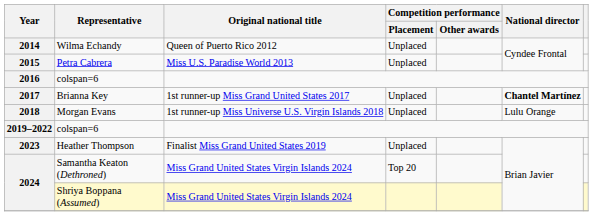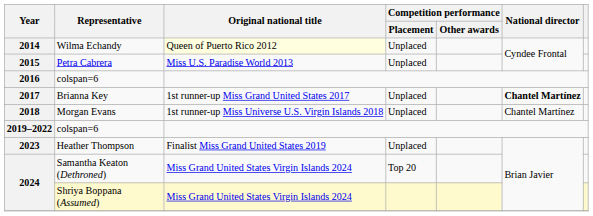 <table class="wikitable defaultcenter col2left col6left" style="font-size:90%;">
 <tr>
 <th rowspan=2>Year</th>
 <th width=150px rowspan=2>Representative</th>
 <th rowspan=2>Original national title</th>
 <th colspan=2>Competition performance</th>
 <th rowspan=2>National director</th>
 <th rowspan=2></th>
 </tr>
 <tr>
 <th>Placement</th>
 <th>Other awards</th>
 </tr>
 <tr>
 <th>2014</th>
 <td>Wilma Echandy</td>
-<td>Queen of Puerto Rico 2012</td>
+<td style="background: lightyellow;">Queen of Puerto Rico 2012</td>
 <td>Unplaced</td>
 <td></td>
 <td rowspan=2>Cyndee Frontal</td>
 <td></td>
 </tr>
 <tr>
 <th>2015</th>
 <td><a href='#'>Petra Cabrera</a></td>
 <td><a href='#'>Miss U.S. Paradise World 2013</a></td>
 <td>Unplaced</td>
 <td></td>
 <td></td>
 </tr>
 <tr>
 <th>2016</th>
 <td>colspan=6 </td>
 </tr>
 <tr>
 <th>2017</th>
 <td>Brianna Key</td>
 <td>1st runner-up <a href='#'>Miss Grand United States 2017</a></td>
 <td>Unplaced</td>
 <td></td>
 <td><strong>Chantel Martínez</strong></td>
 <td></td>
 </tr>
 <tr>
 <th>2018</th>
 <td>Morgan Evans</td>
 <td>1st runner-up <a href='#'>Miss Universe U.S. Virgin Islands 2018</a></td>
 <td>Unplaced</td>
 <td></td>
-<td>Lulu Orange</td>
+<td>Chantel Martínez</td>
 <td></td>
 </tr>
 <tr>
 <th>2019–2022</th>
 <td>colspan=6 </td>
 </tr>
 <tr>
 <th>2023</th>
 <td>Heather Thompson</td>
 <td>Finalist <a href='#'>Miss Grand United States 2019</a></td>
 <td>Unplaced</td>
 <td></td>
 <td rowspan="3">Brian Javier</td>
 <td></td>
 </tr>
 <tr>
 <th rowspan="2">2024</th>
 <td>Samantha Keaton (<em>Dethroned</em>)</td>
 <td><a href='#'>Miss Grand United States Virgin Islands 2024</a></td>
 <td>Top 20</td>
 <td></td>
 <td></td>
 </tr>
 <tr bgcolor=#FFFACD>
 <td>Shriya Boppana (<em>Assumed</em>)</td>
 <td><a href='#'>Miss Grand United States Virgin Islands 2024</a></td>
 <td></td>
 <td></td>
 <td></td>
 </tr>
 <tr>
 </tr>
 </table>
